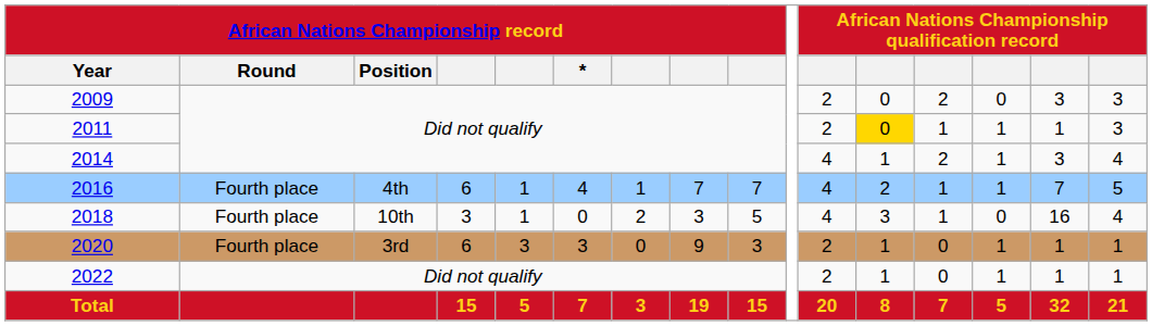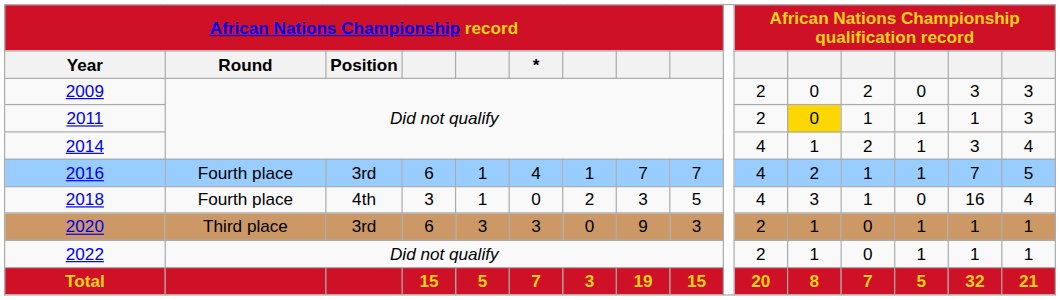 <table class="wikitable" class="wikitable" style="font-size:90%; text-align:center; width:100%">
 <tr>
 <th colspan="9" style="background:#CE1126; color:#FCD116; "><a href='#'><span>African Nations Championship</span></a> record</th>
 <th rowspan="10" style="width:1%;background:white"></th>
 <th colspan="6" style="background:#CE1126; color:#FCD116; ">African Nations Championship qualification record</th>
 </tr>
 <tr>
 <th width="15%">Year</th>
 <th width="15%">Round</th>
 <th width="5%">Position</th>
 <th width="5%"></th>
 <th width="5%"></th>
 <th width="5%">*</th>
 <th width="5%"></th>
 <th width="5%"></th>
 <th width="5%"></th>
 <th width="5%"></th>
 <th width="5%"></th>
 <th width="5%"></th>
 <th width="5%"></th>
 <th width="5%"></th>
 <th width="5%"></th>
 </tr>
 <tr>
 <td> <a href='#'>2009</a></td>
 <td colspan="8" rowspan="3"><em>Did not qualify</em></td>
 <td>2</td>
 <td>0</td>
 <td>2</td>
 <td>0</td>
 <td>3</td>
 <td>3</td>
 </tr>
 <tr>
 <td> <a href='#'>2011</a></td>
 <td>2</td>
 <td style="background: gold;">0</td>
 <td>1</td>
 <td>1</td>
 <td>1</td>
 <td>3</td>
 </tr>
 <tr>
 <td> <a href='#'>2014</a></td>
 <td>4</td>
 <td>1</td>
 <td>2</td>
 <td>1</td>
 <td>3</td>
 <td>4</td>
 </tr>
 <tr bgcolor=#9acdff>
 <td> <a href='#'>2016</a></td>
 <td>Fourth place</td>
-<td>4th</td>
+<td>3rd</td>
 <td>6</td>
 <td>1</td>
 <td>4</td>
 <td>1</td>
 <td>7</td>
 <td>7</td>
 <td>4</td>
 <td>2</td>
 <td>1</td>
 <td>1</td>
 <td>7</td>
 <td>5</td>
 </tr>
 <tr>
 <td> <a href='#'>2018</a></td>
 <td>Fourth place</td>
-<td>10th</td>
+<td>4th</td>
 <td>3</td>
 <td>1</td>
 <td>0</td>
 <td>2</td>
 <td>3</td>
 <td>5</td>
 <td>4</td>
 <td>3</td>
 <td>1</td>
 <td>0</td>
 <td>16</td>
 <td>4</td>
 </tr>
 <tr style="background:#c96;">
 <td> <a href='#'>2020</a></td>
-<td>Fourth place</td>
+<td>Third place</td>
 <td>3rd</td>
 <td>6</td>
 <td>3</td>
 <td>3</td>
 <td>0</td>
 <td>9</td>
 <td>3</td>
 <td>2</td>
 <td>1</td>
 <td>0</td>
 <td>1</td>
 <td>1</td>
 <td>1</td>
 </tr>
 <tr>
 <td> <a href='#'>2022</a></td>
 <td colspan="8"><em>Did not qualify</em></td>
 <td>2</td>
 <td>1</td>
 <td>0</td>
 <td>1</td>
 <td>1</td>
 <td>1</td>
 </tr>
 <tr>
 <th style="background:#CE1126; color:#FCD116; ">Total</th>
 <th style="background:#CE1126; color:#FCD116; "></th>
 <th style="background:#CE1126; color:#FCD116; "></th>
 <th style="background:#CE1126; color:#FCD116; ">15</th>
 <th style="background:#CE1126; color:#FCD116; ">5</th>
 <th style="background:#CE1126; color:#FCD116; ">7</th>
 <th style="background:#CE1126; color:#FCD116; ">3</th>
 <th style="background:#CE1126; color:#FCD116; ">19</th>
 <th style="background:#CE1126; color:#FCD116; ">15</th>
 <th style="background:#CE1126; color:#FCD116; ">20</th>
 <th style="background:#CE1126; color:#FCD116; ">8</th>
 <th style="background:#CE1126; color:#FCD116; ">7</th>
 <th style="background:#CE1126; color:#FCD116; ">5</th>
 <th style="background:#CE1126; color:#FCD116; ">32</th>
 <th style="background:#CE1126; color:#FCD116; ">21</th>
 </tr>
 </table>
